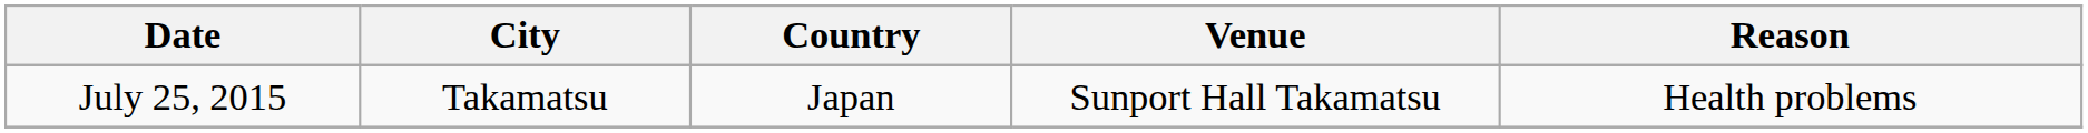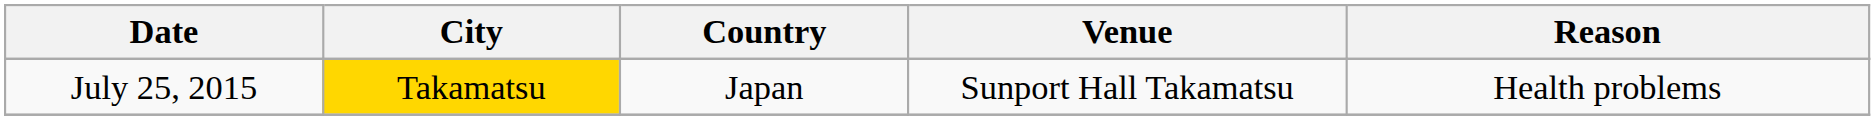 <table class="wikitable" style="text-align:center;">
 <tr>
 <th scope="col" style="width:12em;">Date</th>
 <th scope="col" style="width:10em;">City</th>
 <th scope="col" style="width:10em;">Country</th>
 <th scope="col" style="width:16em;">Venue</th>
 <th scope="col" style="width:20em;">Reason</th>
 </tr>
 <tr>
 </tr>
 <tr>
 <td>July 25, 2015</td>
-<td>Takamatsu</td>
+<td style="background: gold;">Takamatsu</td>
 <td>Japan</td>
 <td>Sunport Hall Takamatsu</td>
 <td>Health problems</td>
 </tr>
 <tr>
 </tr>
 </table>
